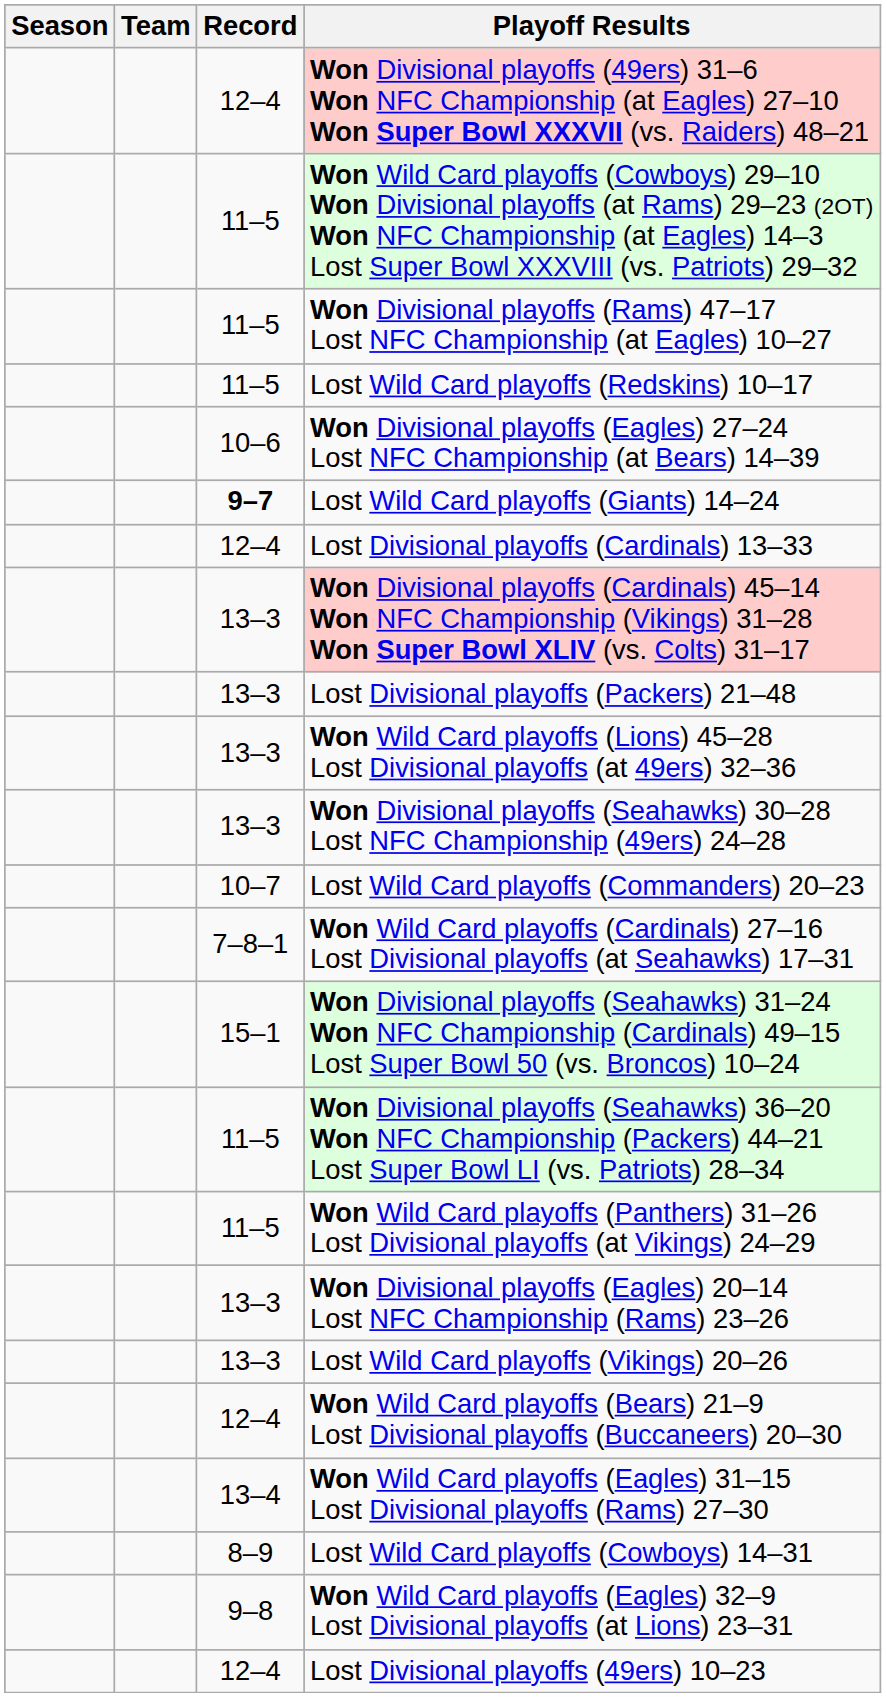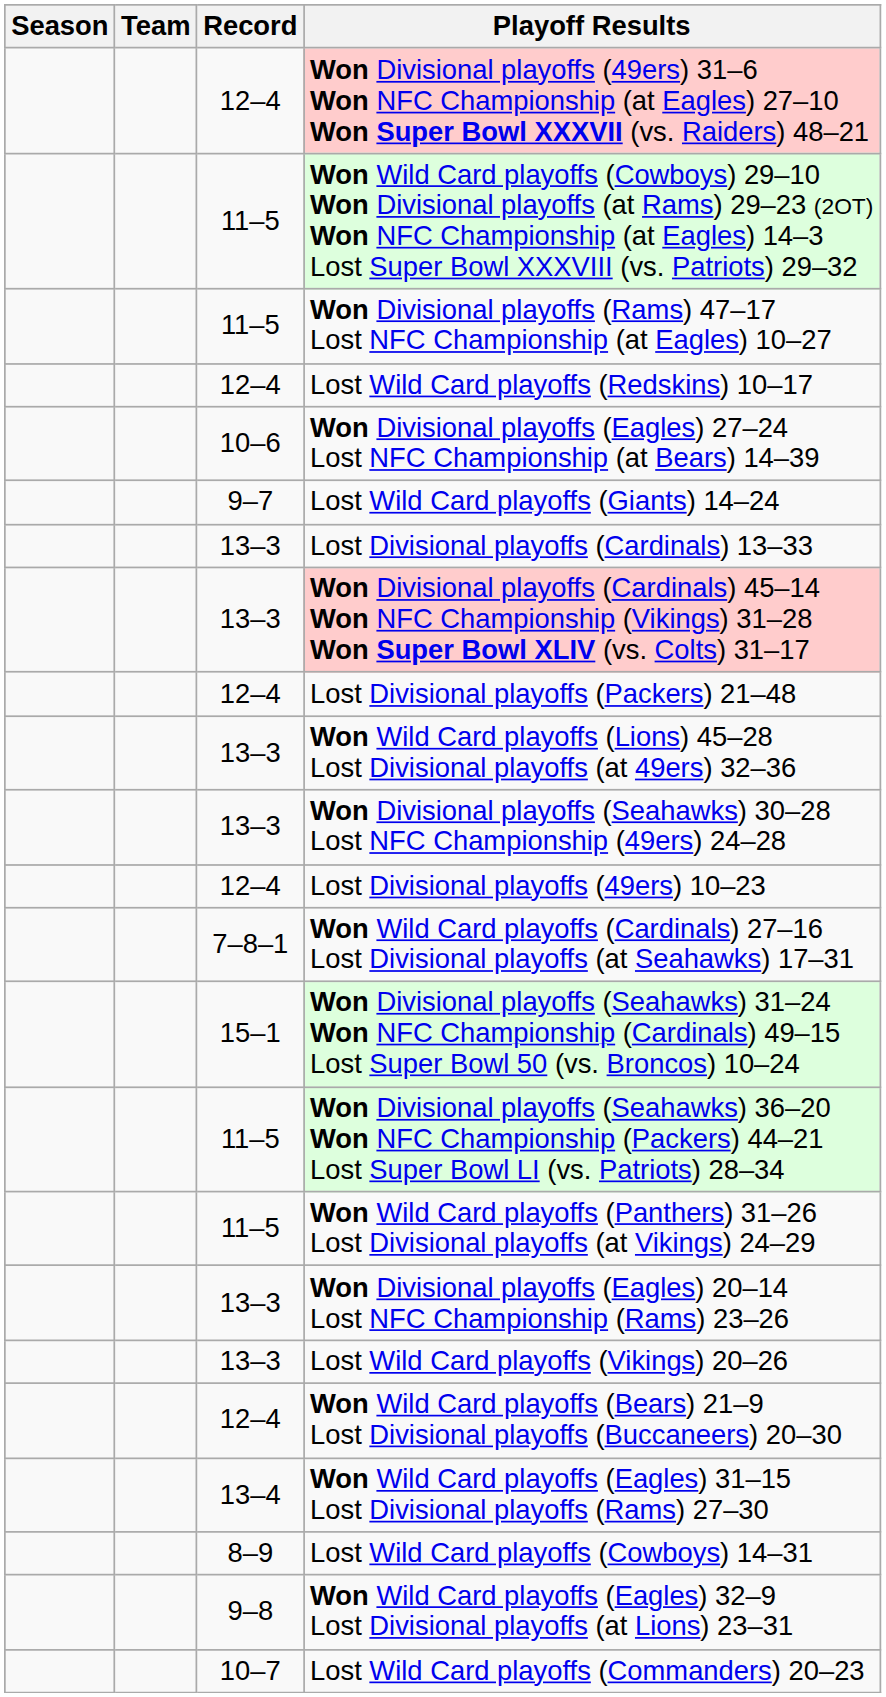 <table class="wikitable">
 <tr>
 <th>Season</th>
 <th>Team</th>
 <th>Record</th>
 <th>Playoff Results</th>
 </tr>
 <tr>
 <td></td>
 <td><strong><a href='#'></a></strong></td>
 <td align="center">12–4</td>
 <td style="background: #FFCCCC;" valign="top"><strong>Won</strong> <a href='#'>Divisional playoffs</a> (<a href='#'>49ers</a>) 31–6<br><strong>Won</strong> <a href='#'>NFC Championship</a> (at <a href='#'>Eagles</a>) 27–10<br><strong>Won <a href='#'>Super Bowl XXXVII</a></strong> (vs. <a href='#'>Raiders</a>) 48–21</td>
 </tr>
 <tr>
 <td></td>
 <td><strong><a href='#'></a></strong></td>
 <td align="center">11–5</td>
 <td bgcolor="#DDFFDD"><strong>Won</strong> <a href='#'>Wild Card playoffs</a> (<a href='#'>Cowboys</a>) 29–10<br><strong>Won</strong> <a href='#'>Divisional playoffs</a> (at <a href='#'>Rams</a>) 29–23 <small>(2OT)</small><br><strong>Won</strong> <a href='#'>NFC Championship</a> (at <a href='#'>Eagles</a>) 14–3<br> Lost <a href='#'>Super Bowl XXXVIII</a> (vs. <a href='#'>Patriots</a>) 29–32</td>
 </tr>
 <tr>
 <td></td>
 <td><strong><a href='#'></a></strong></td>
 <td align="center">11–5</td>
 <td><strong>Won</strong> <a href='#'>Divisional playoffs</a> (<a href='#'>Rams</a>) 47–17<br>Lost <a href='#'>NFC Championship</a> (at <a href='#'>Eagles</a>) 10–27</td>
 </tr>
 <tr>
 <td></td>
 <td><strong><a href='#'></a></strong></td>
-<td align="center">11–5</td>
+<td align="center">12–4</td>
 <td>Lost <a href='#'>Wild Card playoffs</a> (<a href='#'>Redskins</a>) 10–17</td>
 </tr>
 <tr>
 <td></td>
 <td><strong><a href='#'></a></strong></td>
 <td align="center">10–6</td>
 <td><strong>Won</strong> <a href='#'>Divisional playoffs</a> (<a href='#'>Eagles</a>) 27–24<br>Lost <a href='#'>NFC Championship</a> (at <a href='#'>Bears</a>) 14–39</td>
 </tr>
 <tr>
 <td></td>
 <td><strong><a href='#'></a></strong></td>
-<td align="center"><strong>9–7</strong></td>
+<td align="center">9–7</td>
 <td>Lost <a href='#'>Wild Card playoffs</a> (<a href='#'>Giants</a>) 14–24</td>
 </tr>
 <tr>
 <td></td>
 <td><strong><a href='#'></a></strong></td>
-<td align="center">12–4</td>
+<td align="center">13–3</td>
 <td>Lost <a href='#'>Divisional playoffs</a> (<a href='#'>Cardinals</a>) 13–33</td>
 </tr>
 <tr>
 <td></td>
 <td><strong><a href='#'></a></strong></td>
 <td align="center">13–3</td>
 <td style="background: #FFCCCC;" valign="top"><strong>Won</strong> <a href='#'>Divisional playoffs</a> (<a href='#'>Cardinals</a>) 45–14<br><strong>Won</strong> <a href='#'>NFC Championship</a> (<a href='#'>Vikings</a>) 31–28  <br><strong>Won <a href='#'>Super Bowl XLIV</a></strong> (vs. <a href='#'>Colts</a>) 31–17</td>
 </tr>
 <tr>
 <td></td>
 <td><strong><a href='#'></a></strong></td>
-<td align="center">13–3</td>
+<td align="center">12–4</td>
 <td>Lost <a href='#'>Divisional playoffs</a> (<a href='#'>Packers</a>) 21–48</td>
 </tr>
 <tr>
 <td></td>
 <td><strong><a href='#'></a></strong></td>
 <td align="center">13–3</td>
 <td><strong>Won</strong> <a href='#'>Wild Card playoffs</a> (<a href='#'>Lions</a>) 45–28 <br>  Lost <a href='#'>Divisional playoffs</a> (at <a href='#'>49ers</a>) 32–36</td>
 </tr>
 <tr>
 <td></td>
 <td><strong><a href='#'></a></strong></td>
 <td align="center">13–3</td>
 <td><strong>Won</strong> <a href='#'>Divisional playoffs</a> (<a href='#'>Seahawks</a>) 30–28<br>Lost <a href='#'>NFC Championship</a> (<a href='#'>49ers</a>) 24–28</td>
 </tr>
 <tr>
 <td></td>
 <td><strong><a href='#'></a></strong></td>
-<td align="center">10–7</td>
-<td>Lost <a href='#'>Wild Card playoffs</a> (<a href='#'>Commanders</a>) 20–23</td>
+<td align="center">12–4</td>
+<td>Lost <a href='#'>Divisional playoffs</a> (<a href='#'>49ers</a>) 10–23</td>
 </tr>
 <tr>
 <td></td>
 <td><strong><a href='#'></a></strong></td>
 <td align="center">7–8–1</td>
 <td><strong>Won</strong> <a href='#'>Wild Card playoffs</a> (<a href='#'>Cardinals</a>) 27–16<br>Lost <a href='#'>Divisional playoffs</a> (at <a href='#'>Seahawks</a>) 17–31</td>
 </tr>
 <tr>
 <td></td>
 <td><strong><a href='#'></a></strong></td>
 <td align="center">15–1</td>
 <td bgcolor="#DDFFDD"><strong>Won</strong> <a href='#'>Divisional playoffs</a> (<a href='#'>Seahawks</a>) 31–24<br><strong>Won</strong> <a href='#'>NFC Championship</a> (<a href='#'>Cardinals</a>) 49–15<br>Lost <a href='#'>Super Bowl 50</a> (vs. <a href='#'>Broncos</a>) 10–24</td>
 </tr>
 <tr>
 <td></td>
 <td><strong><a href='#'></a></strong></td>
 <td align="center">11–5</td>
 <td bgcolor="#DDFFDD"><strong>Won</strong> <a href='#'>Divisional playoffs</a> (<a href='#'>Seahawks</a>) 36–20<br><strong>Won</strong> <a href='#'>NFC Championship</a> (<a href='#'>Packers</a>) 44–21<br>Lost <a href='#'>Super Bowl LI</a> (vs. <a href='#'>Patriots</a>) 28–34 </td>
 </tr>
 <tr>
 <td></td>
 <td><strong><a href='#'></a></strong></td>
 <td align="center">11–5</td>
 <td><strong>Won</strong> <a href='#'>Wild Card playoffs</a> (<a href='#'>Panthers</a>) 31–26<br>Lost <a href='#'>Divisional playoffs</a> (at <a href='#'>Vikings</a>) 24–29</td>
 </tr>
 <tr>
 <td></td>
 <td><strong><a href='#'></a></strong></td>
 <td align="center">13–3</td>
 <td><strong>Won</strong> <a href='#'>Divisional playoffs</a> (<a href='#'>Eagles</a>) 20–14 <br>Lost <a href='#'>NFC Championship</a> (<a href='#'>Rams</a>) 23–26 </td>
 </tr>
 <tr>
 <td></td>
 <td><strong><a href='#'></a></strong></td>
 <td align="center">13–3</td>
 <td>Lost <a href='#'>Wild Card playoffs</a> (<a href='#'>Vikings</a>) 20–26 </td>
 </tr>
 <tr>
 <td></td>
 <td><strong><a href='#'></a></strong></td>
 <td align="center">12–4</td>
 <td><strong>Won</strong> <a href='#'>Wild Card playoffs</a> (<a href='#'>Bears</a>) 21–9 <br> Lost <a href='#'>Divisional playoffs</a> (<a href='#'>Buccaneers</a>) 20–30</td>
 </tr>
 <tr>
 <td></td>
 <td><strong><a href='#'></a></strong></td>
 <td align="center">13–4</td>
 <td><strong>Won</strong> <a href='#'>Wild Card playoffs</a> (<a href='#'>Eagles</a>) 31–15 <br> Lost <a href='#'>Divisional playoffs</a> (<a href='#'>Rams</a>) 27–30</td>
 </tr>
 <tr>
 <td></td>
 <td><strong><a href='#'></a></strong></td>
 <td align="center">8–9</td>
 <td>Lost <a href='#'>Wild Card playoffs</a> (<a href='#'>Cowboys</a>) 14–31</td>
 </tr>
 <tr>
 <td></td>
 <td><strong><a href='#'></a></strong></td>
 <td align="center">9–8</td>
 <td><strong>Won</strong> <a href='#'>Wild Card playoffs</a> (<a href='#'>Eagles</a>) 32–9 <br> Lost <a href='#'>Divisional playoffs</a> (at <a href='#'>Lions</a>) 23–31</td>
 </tr>
 <tr>
 <td></td>
 <td><strong><a href='#'></a></strong></td>
-<td align="center">12–4</td>
-<td>Lost <a href='#'>Divisional playoffs</a> (<a href='#'>49ers</a>) 10–23</td>
+<td align="center">10–7</td>
+<td>Lost <a href='#'>Wild Card playoffs</a> (<a href='#'>Commanders</a>) 20–23</td>
 </tr>
 </table>
